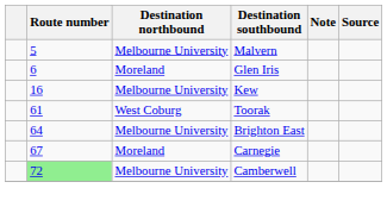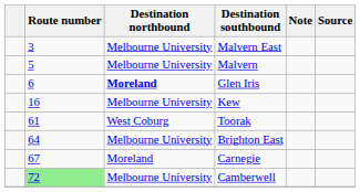 <table class="wikitable sortable">
 <tr>
 <th class="unsortable" scope="col" style="width: 20px;"></th>
 <th>Route number</th>
 <th>Destination<br>northbound</th>
 <th>Destination<br>southbound</th>
 <th>Note</th>
 <th>Source</th>
+</tr>
+<tr>
+<td style="background: #"></td>
+<td data-sort-value="3"><a href='#'>3</a></td>
+<td><a href='#'>Melbourne University</a></td>
+<td><a href='#'>Malvern East</a></td>
+<td></td>
+<td></td>
 </tr>
 <tr>
 <td style="background: #"></td>
 <td data-sort-value="5"><a href='#'>5</a></td>
 <td><a href='#'>Melbourne University</a></td>
 <td><a href='#'>Malvern</a></td>
 <td></td>
 <td></td>
 </tr>
 <tr>
 <td style="background: #"></td>
 <td data-sort-value="6"><a href='#'>6</a></td>
-<td><a href='#'>Moreland</a></td>
+<td><strong><a href='#'>Moreland</a></strong></td>
 <td><a href='#'>Glen Iris</a></td>
 <td></td>
 <td></td>
 </tr>
 <tr>
 <td style="background: #"></td>
 <td data-sort-value="16"><a href='#'>16</a></td>
 <td><a href='#'>Melbourne University</a></td>
 <td><a href='#'>Kew</a></td>
 <td></td>
 <td></td>
 </tr>
 <tr>
 <td style="background: #"></td>
 <td data-sort-value="58"><a href='#'>61</a></td>
 <td><a href='#'>West Coburg</a></td>
 <td><a href='#'>Toorak</a></td>
 <td></td>
 <td></td>
 </tr>
 <tr>
 <td style="background: #"></td>
 <td data-sort-value="64"><a href='#'>64</a></td>
 <td><a href='#'>Melbourne University</a></td>
 <td><a href='#'>Brighton East</a></td>
 <td></td>
 <td></td>
 </tr>
 <tr>
 <td style="background: #"></td>
 <td data-sort-value="67"><a href='#'>67</a></td>
 <td><a href='#'>Moreland</a></td>
 <td><a href='#'>Carnegie</a></td>
 <td></td>
 <td></td>
 </tr>
 <tr>
 <td style="background: #"></td>
 <td data-sort-value="72" style="background: lightgreen;"><a href='#'>72</a></td>
 <td><a href='#'>Melbourne University</a></td>
 <td><a href='#'>Camberwell</a></td>
 <td></td>
 <td></td>
 </tr>
 <tr>
 </tr>
 </table>
